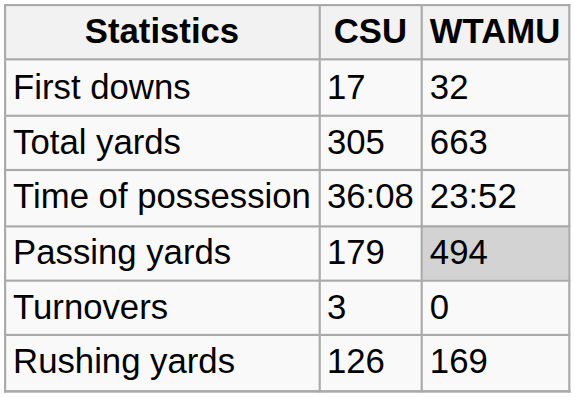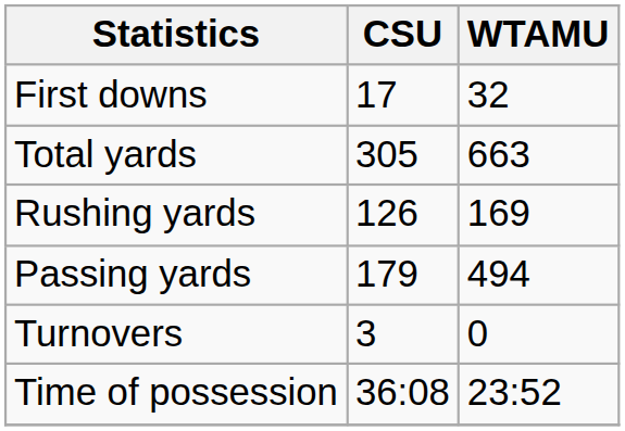 <table class="wikitable">
 <tr>
 <th>Statistics</th>
 <th>CSU</th>
 <th>WTAMU</th>
 </tr>
 <tr>
 <td>First downs</td>
 <td>17</td>
 <td>32</td>
 </tr>
 <tr>
 <td>Total yards</td>
 <td>305</td>
 <td>663</td>
 </tr>
 <tr>
-<td>Time of possession</td>
-<td>36:08</td>
-<td>23:52</td>
+<td>Rushing yards</td>
+<td>126</td>
+<td>169</td>
 </tr>
 <tr>
 <td>Passing yards</td>
 <td>179</td>
-<td style="background: lightgrey;">494</td>
+<td>494</td>
 </tr>
 <tr>
 <td>Turnovers</td>
 <td>3</td>
 <td>0</td>
 </tr>
 <tr>
-<td>Rushing yards</td>
-<td>126</td>
-<td>169</td>
+<td>Time of possession</td>
+<td>36:08</td>
+<td>23:52</td>
 </tr>
 <tr>
 </tr>
 </table>
